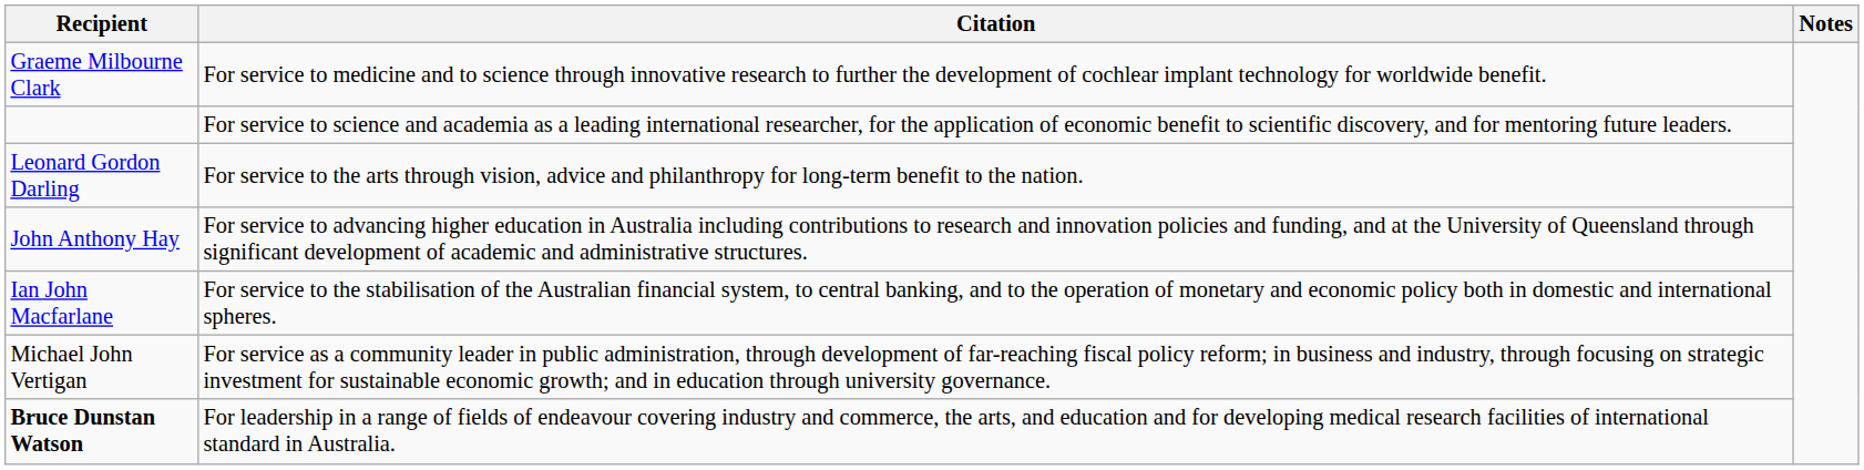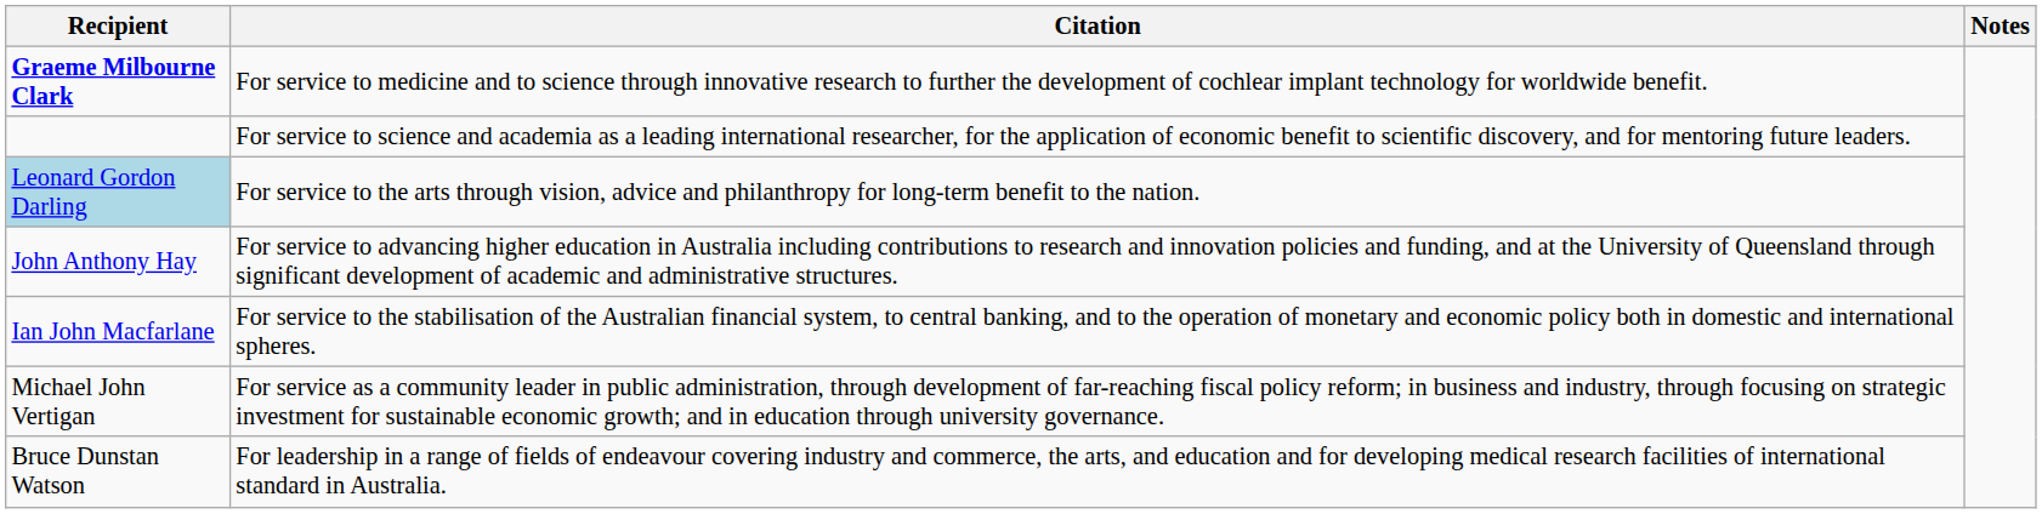 <table class="wikitable" style="font-size:95%;">
 <tr>
 <th>Recipient</th>
 <th>Citation</th>
 <th>Notes</th>
 </tr>
 <tr>
-<td> <a href='#'>Graeme Milbourne Clark</a> </td>
+<td><strong> <a href='#'>Graeme Milbourne Clark</a> </strong></td>
 <td>For service to medicine and to science through innovative research to further the development of cochlear implant technology for worldwide benefit.</td>
 <td rowspan=7></td>
 </tr>
 <tr>
 <td></td>
 <td>For service to science and academia as a leading international researcher, for the application of economic benefit to scientific discovery, and for mentoring future leaders.</td>
 </tr>
 <tr>
-<td><a href='#'>Leonard Gordon Darling</a> </td>
+<td style="background: lightblue;"><a href='#'>Leonard Gordon Darling</a> </td>
 <td>For service to the arts through vision, advice and philanthropy for long-term benefit to the nation.</td>
 </tr>
 <tr>
 <td> <a href='#'>John Anthony Hay</a></td>
 <td>For service to advancing higher education in Australia including contributions to research and innovation policies and funding, and at the University of Queensland through significant development of academic and administrative structures.</td>
 </tr>
 <tr>
 <td><a href='#'>Ian John Macfarlane</a></td>
 <td>For service to the stabilisation of the Australian financial system, to central banking, and to the operation of monetary and economic policy both in domestic and international spheres.</td>
 </tr>
 <tr>
 <td> Michael John Vertigan</td>
 <td>For service as a community leader in public administration, through development of far-reaching fiscal policy reform; in business and industry, through focusing on strategic investment for sustainable economic growth; and in education through university governance.</td>
 </tr>
 <tr>
-<td><strong> Bruce Dunstan Watson</strong></td>
+<td> Bruce Dunstan Watson</td>
 <td>For leadership in a range of fields of endeavour covering industry and commerce, the arts, and education and for developing medical research facilities of international standard in Australia.</td>
 </tr>
 </table>
